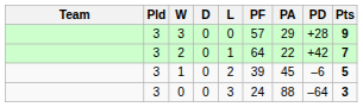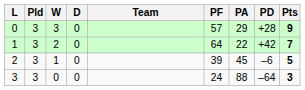 <table class="wikitable" style="text-align:center;">
 <tr>
-<th width=175>Team</th>
+<th width=25 abbr="Lost">L</th>
 <th width=25 abbr="Played">Pld</th>
 <th width=25 abbr="Won">W</th>
 <th width=25 abbr="Drawn">D</th>
-<th width=25 abbr="Lost">L</th>
+<th width=175>Team</th>
 <th width=32 abbr="Points for">PF</th>
 <th width=32 abbr="Points against">PA</th>
 <th width=32 abbr="Points difference">PD</th>
 <th width=25 abbr="Points">Pts</th>
 </tr>
 <tr bgcolor=ccffcc>
-<td align=left></td>
+<td>0</td>
 <td>3</td>
 <td>3</td>
 <td>0</td>
-<td>0</td>
+<td align=left></td>
 <td>57</td>
 <td>29</td>
 <td>+28</td>
 <td><strong>9</strong></td>
 </tr>
 <tr bgcolor=ccffcc>
-<td align=left></td>
+<td>1</td>
 <td>3</td>
 <td>2</td>
 <td>0</td>
-<td>1</td>
+<td align=left></td>
 <td>64</td>
 <td>22</td>
 <td>+42</td>
 <td><strong>7</strong></td>
 </tr>
 <tr>
-<td align=left></td>
+<td>2</td>
 <td>3</td>
 <td>1</td>
 <td>0</td>
-<td>2</td>
+<td align=left></td>
 <td>39</td>
 <td>45</td>
 <td>–6</td>
 <td><strong>5</strong></td>
 </tr>
 <tr>
-<td align=left></td>
+<td>3</td>
 <td>3</td>
 <td>0</td>
 <td>0</td>
-<td>3</td>
+<td align=left></td>
 <td>24</td>
 <td>88</td>
 <td>–64</td>
 <td><strong>3</strong></td>
 </tr>
 </table>
